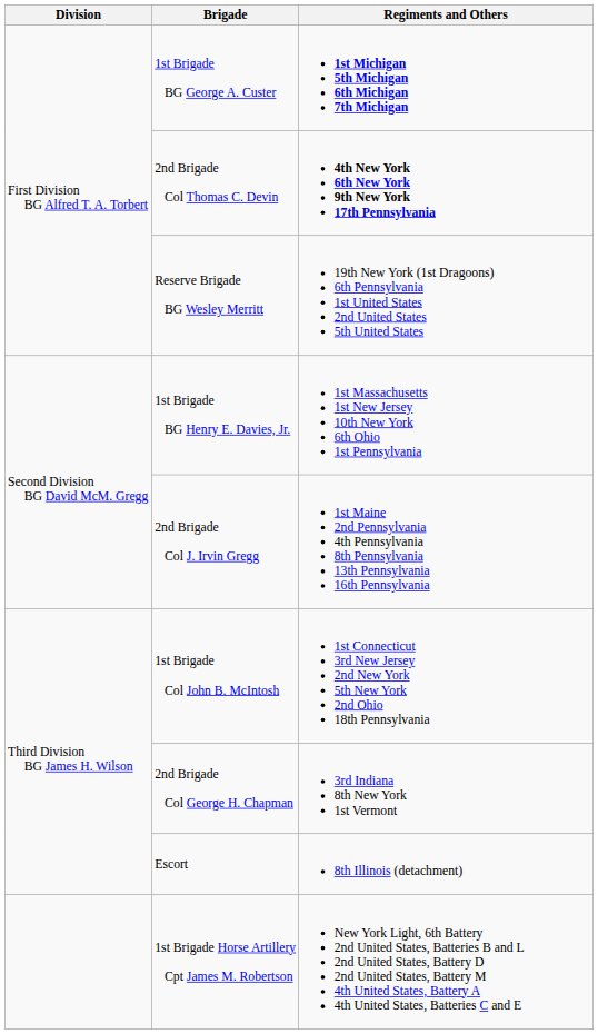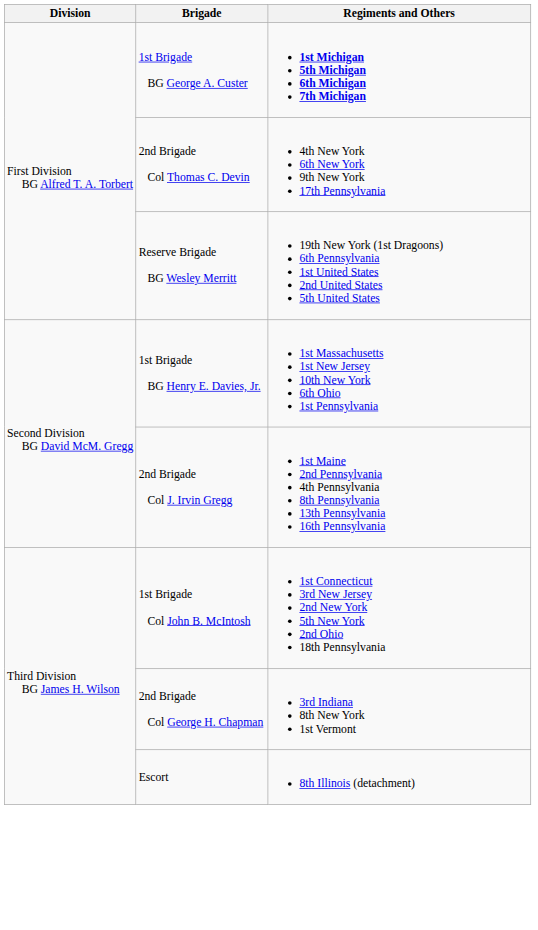 <table class="wikitable">
 <tr>
 <th width=25%>Division</th>
 <th width=25%>Brigade</th>
 <th>Regiments and Others</th>
 </tr>
 <tr>
 <td rowspan=3><br>First Division <br>     BG <a href='#'>Alfred T. A. Torbert</a></td>
 <td><a href='#'>1st Brigade</a><br><br>   BG <a href='#'>George A. Custer</a></td>
 <td><strong><br><ul><li><a href='#'>1st Michigan</a></li><li><a href='#'>5th Michigan</a></li><li><a href='#'>6th Michigan</a></li><li><a href='#'>7th Michigan</a></li></ul></strong></td>
 </tr>
 <tr>
 <td>2nd Brigade<br><br>   Col <a href='#'>Thomas C. Devin</a></td>
-<td><strong><br><ul><li>4th New York</li><li><a href='#'>6th New York</a></li><li>9th New York</li><li><a href='#'>17th Pennsylvania</a></li></ul></strong></td>
+<td><br><ul><li>4th New York</li><li><a href='#'>6th New York</a></li><li>9th New York</li><li><a href='#'>17th Pennsylvania</a></li></ul></td>
 </tr>
 <tr>
 <td>Reserve Brigade<br><br>   BG <a href='#'>Wesley Merritt</a></td>
 <td><br><ul><li>19th New York (1st Dragoons)</li><li><a href='#'>6th Pennsylvania</a></li><li><a href='#'>1st United States</a></li><li><a href='#'>2nd United States</a></li><li><a href='#'>5th United States</a></li></ul></td>
 </tr>
 <tr>
 <td rowspan=2><br>Second Division <br>     BG <a href='#'>David McM. Gregg</a></td>
 <td>1st Brigade<br><br>   BG <a href='#'>Henry E. Davies, Jr.</a></td>
 <td><br><ul><li><a href='#'>1st Massachusetts</a></li><li><a href='#'>1st New Jersey</a></li><li><a href='#'>10th New York</a></li><li><a href='#'>6th Ohio</a></li><li><a href='#'>1st Pennsylvania</a></li></ul></td>
 </tr>
 <tr>
 <td>2nd Brigade<br><br>   Col <a href='#'>J. Irvin Gregg</a></td>
 <td><br><ul><li><a href='#'>1st Maine</a></li><li><a href='#'>2nd Pennsylvania</a></li><li>4th Pennsylvania</li><li><a href='#'>8th Pennsylvania</a></li><li><a href='#'>13th Pennsylvania</a></li><li><a href='#'>16th Pennsylvania</a></li></ul></td>
 </tr>
 <tr>
 <td rowspan=3><br>Third Division <br>     BG <a href='#'>James H. Wilson</a></td>
 <td>1st Brigade<br><br>   Col <a href='#'>John B. McIntosh</a></td>
 <td><br><ul><li><a href='#'>1st Connecticut</a></li><li><a href='#'>3rd New Jersey</a></li><li><a href='#'>2nd New York</a></li><li><a href='#'>5th New York</a></li><li><a href='#'>2nd Ohio</a></li><li>18th Pennsylvania</li></ul></td>
 </tr>
 <tr>
 <td>2nd Brigade<br><br>   Col <a href='#'>George H. Chapman</a></td>
 <td><br><ul><li><a href='#'>3rd Indiana</a></li><li>8th New York</li><li>1st Vermont</li></ul></td>
 </tr>
 <tr>
 <td>Escort</td>
 <td><br><ul><li><a href='#'>8th Illinois</a> (detachment)</li></ul></td>
 </tr>
-<tr>
-<td></td>
-<td>1st Brigade <a href='#'>Horse Artillery</a><br><br>   Cpt <a href='#'>James M. Robertson</a></td>
-<td><br><ul><li>New York Light, 6th Battery</li><li>2nd United States, Batteries B and L</li><li>2nd United States, Battery D</li><li>2nd United States, Battery M</li><li><a href='#'>4th United States, Battery A</a></li><li>4th United States, Batteries <a href='#'>C</a> and E</li></ul></td>
-</tr>
 </table>
